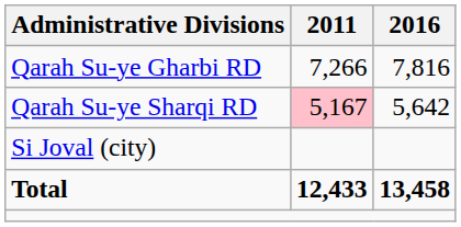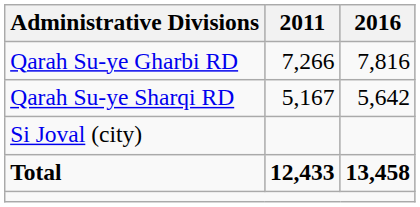 <table class="wikitable">
 <tr>
 <th>Administrative Divisions</th>
 <th>2011</th>
 <th>2016</th>
 </tr>
 <tr>
 <td><a href='#'>Qarah Su-ye Gharbi RD</a></td>
 <td style="text-align: right;">7,266</td>
 <td style="text-align: right;">7,816</td>
 </tr>
 <tr>
 <td><a href='#'>Qarah Su-ye Sharqi RD</a></td>
-<td style="background: pink; text-align: right;">5,167</td>
+<td style="text-align: right;">5,167</td>
 <td style="text-align: right;">5,642</td>
 </tr>
 <tr>
 <td><a href='#'>Si Joval</a> (city)</td>
 <td style="text-align: right;"></td>
 <td style="text-align: right;"></td>
 </tr>
 <tr>
 <td><strong>Total</strong></td>
 <td style="text-align: right;"><strong>12,433</strong></td>
 <td style="text-align: right;"><strong>13,458</strong></td>
 </tr>
 <tr>
 <td colspan=3></td>
 </tr>
 </table>
